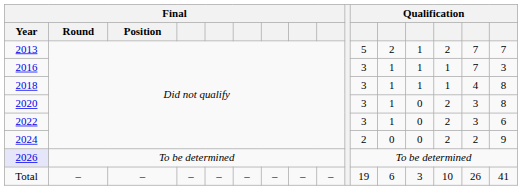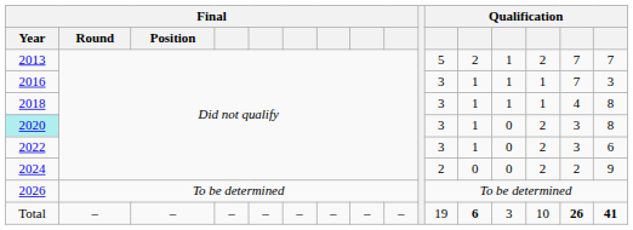 <table class="wikitable" style="text-align: center;font-size:90%;">
 <tr>
 <th colspan=9>Final</th>
 <th width=1% rowspan=22></th>
 <th colspan=6>Qualification</th>
 </tr>
 <tr>
 <th>Year</th>
 <th>Round</th>
 <th>Position</th>
 <th width=30></th>
 <th width=30></th>
 <th width=30></th>
 <th width=30></th>
 <th width=30></th>
 <th width=30></th>
 <th width=30></th>
 <th width=30></th>
 <th width=30></th>
 <th width=30></th>
 <th width=30></th>
 <th width=30></th>
 </tr>
 <tr>
 <td> <a href='#'>2013</a></td>
 <td colspan="8" rowspan="6"><em>Did not qualify</em></td>
 <td>5</td>
 <td>2</td>
 <td>1</td>
 <td>2</td>
 <td>7</td>
 <td>7</td>
 </tr>
 <tr>
 <td> <a href='#'>2016</a></td>
 <td>3</td>
 <td>1</td>
 <td>1</td>
 <td>1</td>
 <td>7</td>
 <td>3</td>
 </tr>
 <tr>
 <td> <a href='#'>2018</a></td>
 <td>3</td>
 <td>1</td>
 <td>1</td>
 <td>1</td>
 <td>4</td>
 <td>8</td>
 </tr>
 <tr>
-<td> <a href='#'>2020</a></td>
+<td style="background: paleturquoise;"> <a href='#'>2020</a></td>
 <td>3</td>
 <td>1</td>
 <td>0</td>
 <td>2</td>
 <td>3</td>
 <td>8</td>
 </tr>
 <tr>
 <td> <a href='#'>2022</a></td>
 <td>3</td>
 <td>1</td>
 <td>0</td>
 <td>2</td>
 <td>3</td>
 <td>6</td>
 </tr>
 <tr>
 <td> <a href='#'>2024</a></td>
 <td>2</td>
 <td>0</td>
 <td>0</td>
 <td>2</td>
 <td>2</td>
 <td>9</td>
 </tr>
 <tr>
-<td style="background: lavender;"> <a href='#'>2026</a></td>
+<td> <a href='#'>2026</a></td>
 <td colspan="8"><em>To be determined</em></td>
 <td colspan="6"><em>To be determined</em></td>
 </tr>
 <tr>
 <td>Total</td>
 <td>–</td>
 <td>–</td>
 <td>–</td>
 <td>–</td>
 <td>–</td>
 <td>–</td>
 <td>–</td>
 <td>–</td>
 <td>19</td>
-<td>6</td>
+<td><strong>6</strong></td>
 <td>3</td>
 <td>10</td>
-<td>26</td>
-<td>41</td>
+<td><strong>26</strong></td>
+<td><strong>41</strong></td>
 </tr>
 </table>
